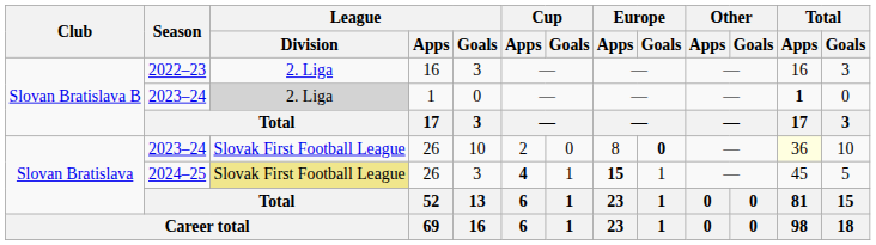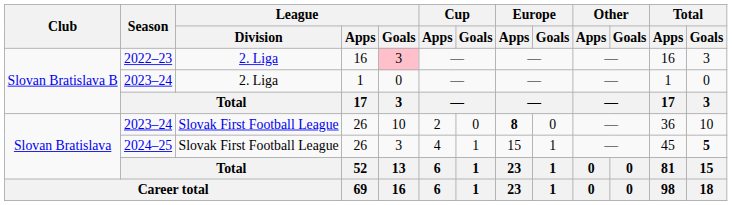 <table class="wikitable" style="text-align: center">
 <tr>
 <th rowspan="2">Club</th>
 <th rowspan="2">Season</th>
 <th colspan="3">League</th>
 <th colspan="2">Cup</th>
 <th colspan="2">Europe</th>
 <th colspan="2">Other</th>
 <th colspan="2">Total</th>
 </tr>
 <tr>
 <th>Division</th>
 <th>Apps</th>
 <th>Goals</th>
 <th>Apps</th>
 <th>Goals</th>
 <th>Apps</th>
 <th>Goals</th>
 <th>Apps</th>
 <th>Goals</th>
 <th>Apps</th>
 <th>Goals</th>
 </tr>
 <tr>
 <td rowspan="3"><a href='#'>Slovan Bratislava B</a></td>
 <td><a href='#'>2022–23</a></td>
 <td><a href='#'>2. Liga</a></td>
 <td>16</td>
-<td>3</td>
+<td style="background: pink;">3</td>
 <td colspan="2">—</td>
 <td colspan="2">—</td>
 <td colspan="2">—</td>
 <td>16</td>
 <td>3</td>
 </tr>
 <tr>
 <td><a href='#'>2023–24</a></td>
-<td style="background: lightgrey;">2. Liga</td>
+<td>2. Liga</td>
 <td>1</td>
 <td>0</td>
 <td colspan="2">—</td>
 <td colspan="2">—</td>
 <td colspan="2">—</td>
-<td><strong>1</strong></td>
+<td>1</td>
 <td>0</td>
 </tr>
 <tr>
 <th colspan="2">Total</th>
 <th>17</th>
 <th>3</th>
 <th colspan="2">—</th>
 <th colspan="2">—</th>
 <th colspan="2">—</th>
 <th>17</th>
 <th>3</th>
 </tr>
 <tr>
 <td rowspan="3"><a href='#'>Slovan Bratislava</a></td>
 <td><a href='#'>2023–24</a></td>
 <td><a href='#'>Slovak First Football League</a></td>
 <td>26</td>
 <td>10</td>
 <td>2</td>
 <td>0</td>
-<td>8</td>
-<td><strong>0</strong></td>
+<td><strong>8</strong></td>
+<td>0</td>
 <td colspan="2">—</td>
-<td style="background: lightyellow;">36</td>
+<td>36</td>
 <td>10</td>
 </tr>
 <tr>
 <td><a href='#'>2024–25</a></td>
-<td style="background: khaki;">Slovak First Football League</td>
+<td>Slovak First Football League</td>
 <td>26</td>
 <td>3</td>
-<td><strong>4</strong></td>
+<td>4</td>
 <td>1</td>
-<td><strong>15</strong></td>
+<td>15</td>
 <td>1</td>
 <td colspan="2">—</td>
 <td>45</td>
-<td>5</td>
+<td><strong>5</strong></td>
 </tr>
 <tr>
 <th colspan="2">Total</th>
 <th>52</th>
 <th>13</th>
 <th>6</th>
 <th>1</th>
 <th>23</th>
 <th>1</th>
 <th>0</th>
 <th>0</th>
 <th>81</th>
 <th>15</th>
 </tr>
 <tr>
 <th colspan="3">Career total</th>
 <th>69</th>
 <th>16</th>
 <th>6</th>
 <th>1</th>
 <th>23</th>
 <th>1</th>
 <th>0</th>
 <th>0</th>
 <th>98</th>
 <th>18</th>
 </tr>
 </table>
